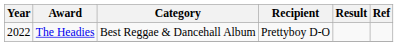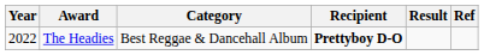 <table class="wikitable">
 <tr>
 <th>Year</th>
 <th>Award</th>
 <th>Category</th>
 <th>Recipient</th>
 <th>Result</th>
 <th>Ref</th>
 </tr>
 <tr>
 <td rowspan=4>2022</td>
 <td><a href='#'>The Headies</a></td>
 <td>Best Reggae & Dancehall Album</td>
-<td>Prettyboy D-O</td>
+<td><strong>Prettyboy D-O</strong></td>
 <td></td>
 <td></td>
 </tr>
 <tr>
 </tr>
 </table>
